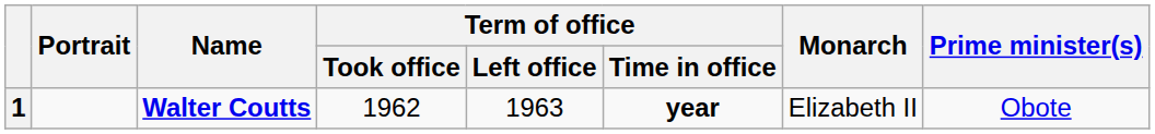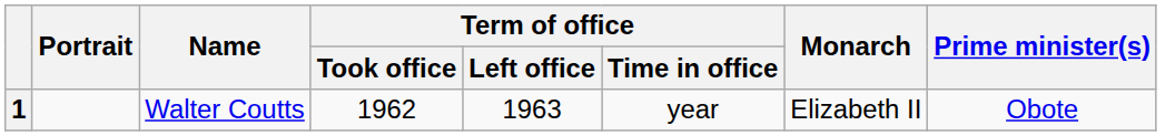 <table class="wikitable" style="text-align:center">
 <tr>
 <th rowspan="2"></th>
 <th rowspan="2">Portrait</th>
 <th rowspan="2">Name<br></th>
 <th colspan="3">Term of office</th>
 <th rowspan="2">Monarch</th>
 <th rowspan="2"><a href='#'>Prime minister(s)</a></th>
 </tr>
 <tr>
 <th>Took office</th>
 <th>Left office</th>
 <th>Time in office</th>
 </tr>
 <tr>
 <th>1</th>
 <td></td>
-<td><strong><a href='#'>Walter Coutts</a><br></strong></td>
+<td><a href='#'>Walter Coutts</a><br></td>
 <td> 1962</td>
 <td> 1963</td>
-<td><strong> year</strong></td>
+<td> year</td>
 <td>Elizabeth II</td>
 <td><a href='#'>Obote</a></td>
 </tr>
 </table>
